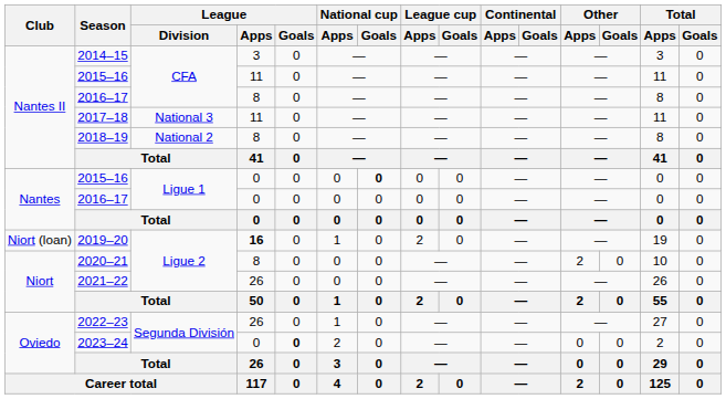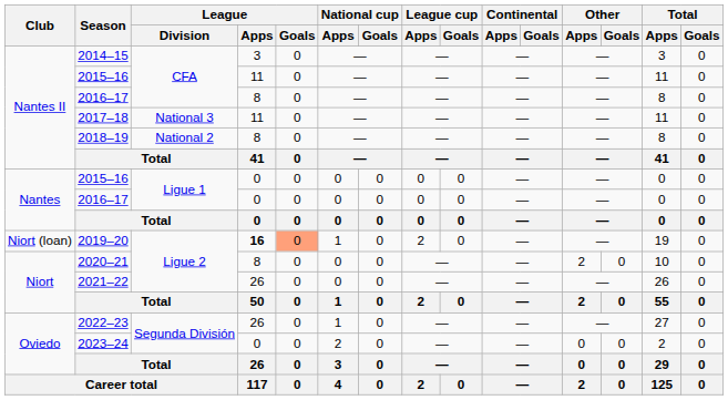 <table class="wikitable" style="text-align:center">
 <tr>
 <th rowspan="2">Club</th>
 <th rowspan="2">Season</th>
 <th colspan="3">League</th>
 <th colspan="2">National cup</th>
 <th colspan="2">League cup</th>
 <th colspan="2">Continental</th>
 <th colspan="2">Other</th>
 <th colspan="2">Total</th>
 </tr>
 <tr>
 <th>Division</th>
 <th>Apps</th>
 <th>Goals</th>
 <th>Apps</th>
 <th>Goals</th>
 <th>Apps</th>
 <th>Goals</th>
 <th>Apps</th>
 <th>Goals</th>
 <th>Apps</th>
 <th>Goals</th>
 <th>Apps</th>
 <th>Goals</th>
 </tr>
 <tr>
 <td rowspan="6"><a href='#'>Nantes II</a></td>
 <td><a href='#'>2014–15</a></td>
 <td rowspan="3"><a href='#'>CFA</a></td>
 <td>3</td>
 <td>0</td>
 <td colspan="2">—</td>
 <td colspan="2">—</td>
 <td colspan="2">—</td>
 <td colspan="2">—</td>
 <td>3</td>
 <td>0</td>
 </tr>
 <tr>
 <td><a href='#'>2015–16</a></td>
 <td>11</td>
 <td>0</td>
 <td colspan="2">—</td>
 <td colspan="2">—</td>
 <td colspan="2">—</td>
 <td colspan="2">—</td>
 <td>11</td>
 <td>0</td>
 </tr>
 <tr>
 <td><a href='#'>2016–17</a></td>
 <td>8</td>
 <td>0</td>
 <td colspan="2">—</td>
 <td colspan="2">—</td>
 <td colspan="2">—</td>
 <td colspan="2">—</td>
 <td>8</td>
 <td>0</td>
 </tr>
 <tr>
 <td><a href='#'>2017–18</a></td>
 <td><a href='#'>National 3</a></td>
 <td>11</td>
 <td>0</td>
 <td colspan="2">—</td>
 <td colspan="2">—</td>
 <td colspan="2">—</td>
 <td colspan="2">—</td>
 <td>11</td>
 <td>0</td>
 </tr>
 <tr>
 <td><a href='#'>2018–19</a></td>
 <td><a href='#'>National 2</a></td>
 <td>8</td>
 <td>0</td>
 <td colspan="2">—</td>
 <td colspan="2">—</td>
 <td colspan="2">—</td>
 <td colspan="2">—</td>
 <td>8</td>
 <td>0</td>
 </tr>
 <tr>
 <th colspan="2">Total</th>
 <th>41</th>
 <th>0</th>
 <th colspan="2">—</th>
 <th colspan="2">—</th>
 <th colspan="2">—</th>
 <th colspan="2">—</th>
 <th>41</th>
 <th>0</th>
 </tr>
 <tr>
 <td rowspan="3"><a href='#'>Nantes</a></td>
 <td><a href='#'>2015–16</a></td>
 <td rowspan="2"><a href='#'>Ligue 1</a></td>
 <td>0</td>
 <td>0</td>
 <td>0</td>
-<td><strong>0</strong></td>
+<td>0</td>
 <td>0</td>
 <td>0</td>
 <td colspan="2">—</td>
 <td colspan="2">—</td>
 <td>0</td>
 <td>0</td>
 </tr>
 <tr>
 <td><a href='#'>2016–17</a></td>
 <td>0</td>
 <td>0</td>
 <td>0</td>
 <td>0</td>
 <td>0</td>
 <td>0</td>
 <td colspan="2">—</td>
 <td colspan="2">—</td>
 <td>0</td>
 <td>0</td>
 </tr>
 <tr>
 <th colspan="2">Total</th>
 <th>0</th>
 <th>0</th>
 <th>0</th>
 <th>0</th>
 <th>0</th>
 <th>0</th>
 <th colspan="2">—</th>
 <th colspan="2">—</th>
 <th>0</th>
 <th>0</th>
 </tr>
 <tr>
 <td><a href='#'>Niort</a> (loan)</td>
 <td><a href='#'>2019–20</a></td>
 <td rowspan="3"><a href='#'>Ligue 2</a></td>
 <td><strong>16</strong></td>
-<td>0</td>
+<td style="background: lightsalmon;">0</td>
 <td>1</td>
 <td>0</td>
 <td>2</td>
 <td>0</td>
 <td colspan="2">—</td>
 <td colspan="2">—</td>
 <td>19</td>
 <td>0</td>
 </tr>
 <tr>
 <td rowspan="3"><a href='#'>Niort</a></td>
 <td><a href='#'>2020–21</a></td>
 <td>8</td>
 <td>0</td>
 <td>0</td>
 <td>0</td>
 <td colspan="2">—</td>
 <td colspan="2">—</td>
 <td>2</td>
 <td>0</td>
 <td>10</td>
 <td>0</td>
 </tr>
 <tr>
 <td><a href='#'>2021–22</a></td>
 <td>26</td>
 <td>0</td>
 <td>0</td>
 <td>0</td>
 <td colspan="2">—</td>
 <td colspan="2">—</td>
 <td colspan="2">—</td>
 <td>26</td>
 <td>0</td>
 </tr>
 <tr>
 <th colspan="2">Total</th>
 <th>50</th>
 <th>0</th>
 <th>1</th>
 <th>0</th>
 <th>2</th>
 <th>0</th>
 <th colspan="2">—</th>
 <th>2</th>
 <th>0</th>
 <th>55</th>
 <th>0</th>
 </tr>
 <tr>
 <td rowspan="3"><a href='#'>Oviedo</a></td>
 <td><a href='#'>2022–23</a></td>
 <td rowspan="2"><a href='#'>Segunda División</a></td>
 <td>26</td>
 <td>0</td>
 <td>1</td>
 <td>0</td>
 <td colspan="2">—</td>
 <td colspan="2">—</td>
 <td colspan="2">—</td>
 <td>27</td>
 <td>0</td>
 </tr>
 <tr>
 <td><a href='#'>2023–24</a></td>
 <td>0</td>
-<td><strong>0</strong></td>
+<td>0</td>
 <td>2</td>
 <td>0</td>
 <td colspan="2">—</td>
 <td colspan="2">—</td>
 <td>0</td>
 <td>0</td>
 <td>2</td>
 <td>0</td>
 </tr>
 <tr>
 <th colspan="2">Total</th>
 <th>26</th>
 <th>0</th>
 <th>3</th>
 <th>0</th>
 <th colspan="2">—</th>
 <th colspan="2">—</th>
 <th>0</th>
 <th>0</th>
 <th>29</th>
 <th>0</th>
 </tr>
 <tr>
 <th colspan="3">Career total</th>
 <th>117</th>
 <th>0</th>
 <th>4</th>
 <th>0</th>
 <th>2</th>
 <th>0</th>
 <th colspan="2">—</th>
 <th>2</th>
 <th>0</th>
 <th>125</th>
 <th>0</th>
 </tr>
 </table>
